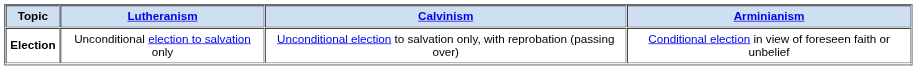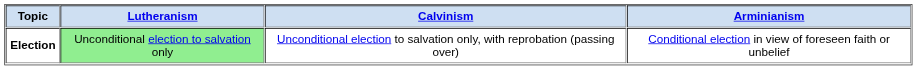 <table border="2" cellpadding="5" cellspacing="1" style="width: ; margin-bottom: 1em; text-align: center; border: 1px solid #333333; font-family: Arial; margin: 0 10px 0 10px;">
 <tr style="background-color: #CEDFF2">
 <th>Topic</th>
 <th><a href='#'>Lutheranism</a></th>
 <th><a href='#'>Calvinism</a></th>
 <th><a href='#'>Arminianism</a></th>
 </tr>
 <tr>
 <td><strong>Election</strong></td>
-<td>Unconditional <a href='#'>election to salvation</a> only</td>
+<td style="background: lightgreen;">Unconditional <a href='#'>election to salvation</a> only</td>
 <td><a href='#'>Unconditional election</a> to salvation only, with reprobation (passing over)</td>
 <td><a href='#'>Conditional election</a> in view of foreseen faith or unbelief</td>
 </tr>
 <tr>
 </tr>
 </table>
